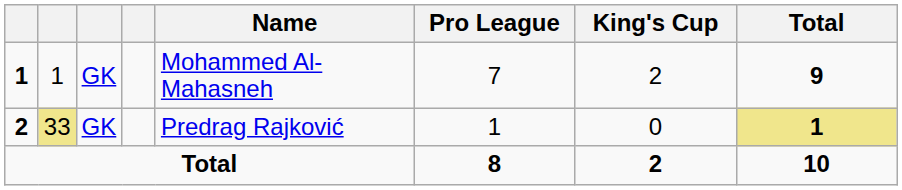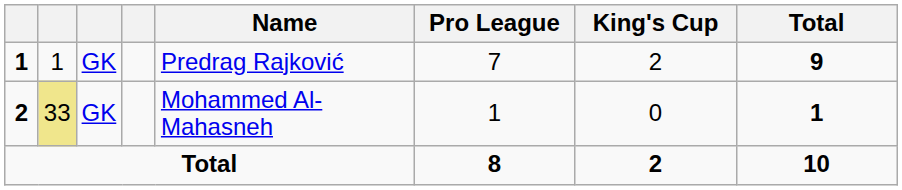 <table class="wikitable" style="text-align:center">
 <tr>
 <th width=15></th>
 <th width=15></th>
 <th width=15></th>
 <th width=15></th>
 <th width=165>Name</th>
 <th width=100>Pro League</th>
 <th width=100>King's Cup</th>
 <th width=100>Total</th>
 </tr>
 <tr>
 <td><strong>1</strong></td>
 <td>1</td>
 <td><a href='#'>GK</a></td>
 <td></td>
-<td align=left><a href='#'>Mohammed Al-Mahasneh</a></td>
+<td align=left><a href='#'>Predrag Rajković</a></td>
 <td>7</td>
 <td>2</td>
 <td><strong>9</strong></td>
 </tr>
 <tr>
 <td><strong>2</strong></td>
 <td style="background: khaki;">33</td>
 <td><a href='#'>GK</a></td>
 <td></td>
-<td align=left><a href='#'>Predrag Rajković</a></td>
+<td align=left><a href='#'>Mohammed Al-Mahasneh</a></td>
 <td>1</td>
 <td>0</td>
-<td style="background: khaki;"><strong>1</strong></td>
+<td><strong>1</strong></td>
 </tr>
 <tr>
 <td colspan=5><strong>Total</strong></td>
 <td><strong>8</strong></td>
 <td><strong>2</strong></td>
 <td><strong>10</strong></td>
 </tr>
 </table>
